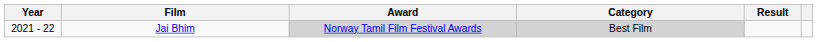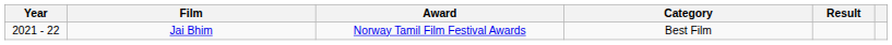 <table class="wikitable sortable" style="width:100%;">
 <tr>
 <th style="width:5%;">Year</th>
 <th style="width:20%;">Film</th>
 <th style="width:20%;">Award</th>
 <th style="width:20%;">Category</th>
 <th style="width:5%;">Result</th>
 <th style="width:1%;" class="unsortable"></th>
 </tr>
 <tr>
 <td rowspan="4" style="text-align:center;">2021 - 22</td>
 <td rowspan="4" style="text-align:center;"><a href='#'>Jai Bhim</a></td>
-<td style="background: lightgrey; text-align:center;"rowspan="1"><a href='#'>Norway Tamil Film Festival Awards</a></td>
-<td style="background: lightgrey; text-align:center;">Best Film</td>
+<td style="text-align:center;"rowspan="1"><a href='#'>Norway Tamil Film Festival Awards</a></td>
+<td style="text-align:center;">Best Film</td>
 <td></td>
 <td></td>
 </tr>
 </table>
